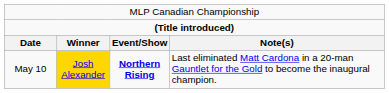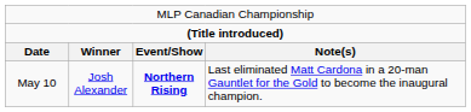 <table class="wikitable" style="text-align:center; width:100%;">
 <tr>
 <td colspan="4" style="text-align: center;">MLP Canadian Championship</td>
 </tr>
 <tr>
 <td colspan="4" style="text-align: center;"><strong>(Title introduced)</strong></td>
 </tr>
 <tr>
 <th width=14%>Date</th>
 <th width=14%>Winner</th>
 <th width=14%>Event/Show</th>
 <th width=58%>Note(s)</th>
 </tr>
 <tr>
 <td>May 10</td>
-<td style="background: gold;"><a href='#'>Josh Alexander</a></td>
+<td><a href='#'>Josh Alexander</a></td>
 <td><strong><a href='#'>Northern Rising</a></strong></td>
 <td align=left>Last eliminated <a href='#'>Matt Cardona</a> in a 20-man <a href='#'>Gauntlet for the Gold</a> to become the inaugural champion.</td>
 </tr>
 </table>
